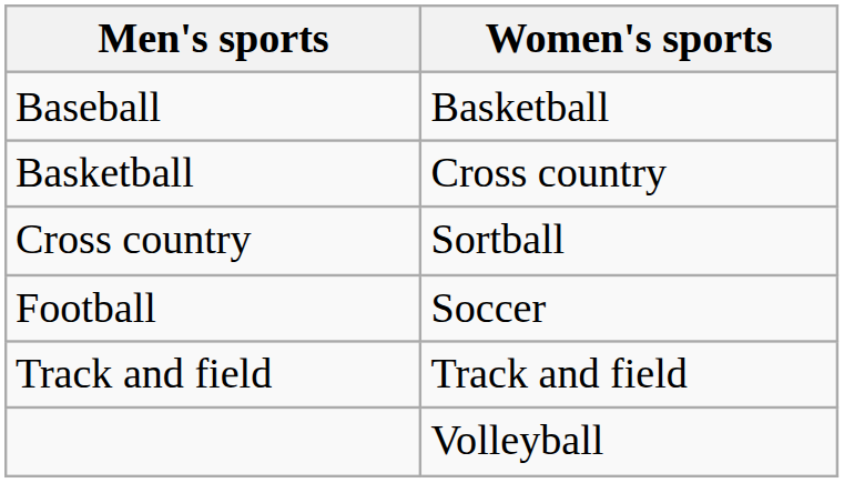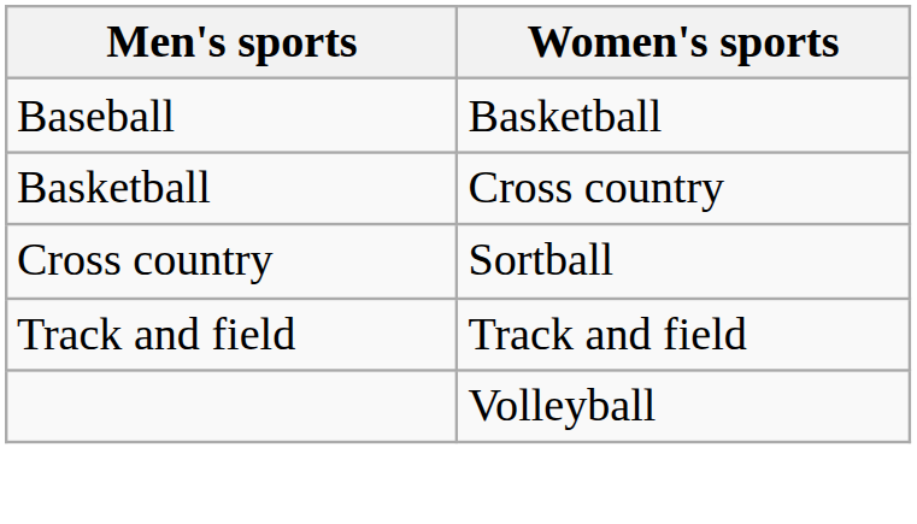 <table class="wikitable"; style= "text-align: ">
 <tr>
 <th width=150px>Men's sports</th>
 <th width=150px>Women's sports</th>
 </tr>
 <tr>
 <td>Baseball</td>
 <td>Basketball</td>
 </tr>
 <tr>
 <td>Basketball</td>
 <td>Cross country</td>
 </tr>
 <tr>
 <td>Cross country</td>
 <td>Sortball</td>
 </tr>
 <tr>
-<td>Football</td>
-<td>Soccer</td>
-</tr>
-<tr>
 <td>Track and field</td>
 <td>Track and field</td>
 </tr>
 <tr>
 <td></td>
 <td>Volleyball</td>
 </tr>
 </table>
